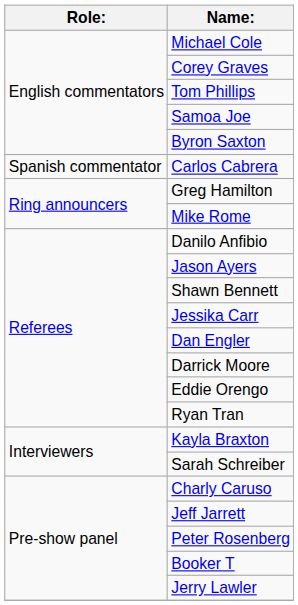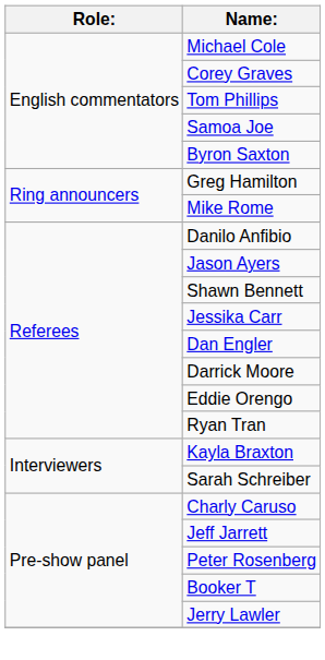 <table class=wikitable style="font-size:90%; margin: 0.5em 0 0.5em 1em; float: right; clear: right;">
 <tr>
 <th>Role:</th>
 <th>Name:</th>
 </tr>
 <tr>
 <td rowspan=5>English commentators</td>
 <td><a href='#'>Michael Cole</a> </td>
 </tr>
 <tr>
 <td><a href='#'>Corey Graves</a> </td>
 </tr>
 <tr>
 <td><a href='#'>Tom Phillips</a> </td>
 </tr>
 <tr>
 <td><a href='#'>Samoa Joe</a> </td>
 </tr>
 <tr>
 <td><a href='#'>Byron Saxton</a> </td>
-</tr>
-<tr>
-<td>Spanish commentator</td>
-<td><a href='#'>Carlos Cabrera</a></td>
 </tr>
 <tr>
 <td rowspan=2><a href='#'>Ring announcers</a></td>
 <td>Greg Hamilton </td>
 </tr>
 <tr>
 <td><a href='#'>Mike Rome</a> </td>
 </tr>
 <tr>
 <td rowspan=8><a href='#'>Referees</a></td>
 <td>Danilo Anfibio</td>
 </tr>
 <tr>
 <td><a href='#'>Jason Ayers</a></td>
 </tr>
 <tr>
 <td>Shawn Bennett</td>
 </tr>
 <tr>
 <td><a href='#'>Jessika Carr</a></td>
 </tr>
 <tr>
 <td><a href='#'>Dan Engler</a></td>
 </tr>
 <tr>
 <td>Darrick Moore</td>
 </tr>
 <tr>
 <td>Eddie Orengo</td>
 </tr>
 <tr>
 <td>Ryan Tran</td>
 </tr>
 <tr>
 <td rowspan=2>Interviewers</td>
 <td><a href='#'>Kayla Braxton</a></td>
 </tr>
 <tr>
 <td>Sarah Schreiber</td>
 </tr>
 <tr>
 <td rowspan="5">Pre-show panel</td>
 <td><a href='#'>Charly Caruso</a></td>
 </tr>
 <tr>
 <td><a href='#'>Jeff Jarrett</a></td>
 </tr>
 <tr>
 <td><a href='#'>Peter Rosenberg</a></td>
 </tr>
 <tr>
 <td><a href='#'>Booker T</a></td>
 </tr>
 <tr>
 <td><a href='#'>Jerry Lawler</a></td>
 </tr>
 <tr>
 </tr>
 </table>
